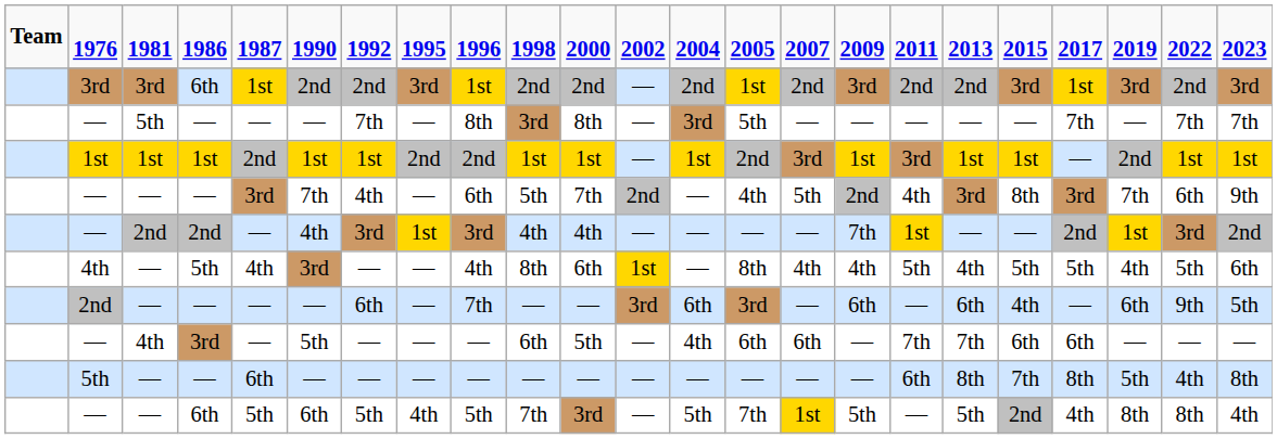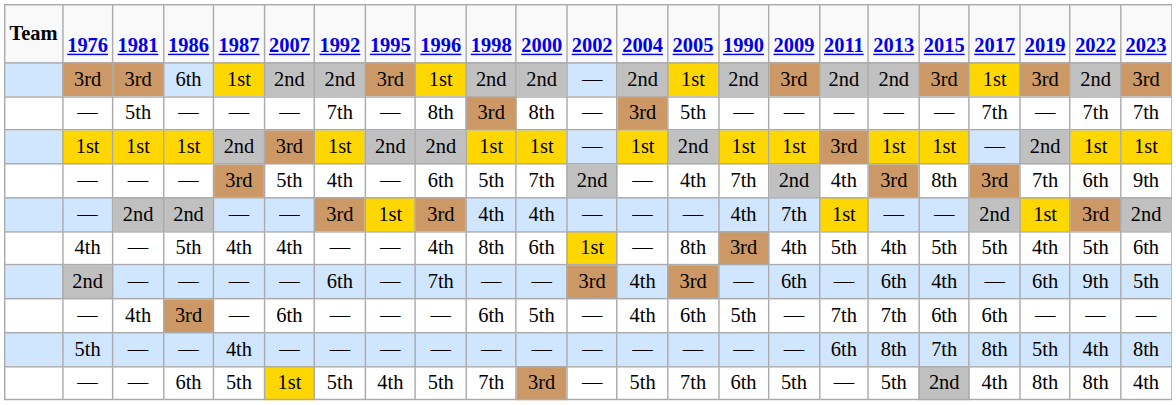 <table class="wikitable" style="text-align:center; font-size:90%">
 <tr>
 <td><strong>Team</strong></td>
 <td><strong><br><a href='#'>1976</a></strong></td>
 <td><strong><br><a href='#'>1981</a></strong></td>
 <td><strong><br><a href='#'>1986</a></strong></td>
 <td><strong><br><a href='#'>1987</a></strong></td>
-<td><strong><br><a href='#'>1990</a></strong></td>
+<td><strong><br><a href='#'>2007</a></strong></td>
 <td><strong><br><a href='#'>1992</a></strong></td>
 <td><strong><br><a href='#'>1995</a></strong></td>
 <td><strong><br><a href='#'>1996</a></strong></td>
 <td><strong><br><a href='#'>1998</a></strong></td>
 <td><strong><br><a href='#'>2000</a></strong></td>
 <td><strong><br><a href='#'>2002</a></strong></td>
 <td><strong><br><a href='#'>2004</a></strong></td>
 <td><strong><br><a href='#'>2005</a></strong></td>
-<td><strong><br><a href='#'>2007</a></strong></td>
+<td><strong><br><a href='#'>1990</a></strong></td>
 <td><strong><br><a href='#'>2009</a></strong></td>
 <td><strong><br><a href='#'>2011</a></strong></td>
 <td><strong><br><a href='#'>2013</a></strong></td>
 <td><strong><br><a href='#'>2015</a></strong></td>
 <td><strong><br><a href='#'>2017</a></strong></td>
 <td><strong><br><a href='#'>2019</a></strong></td>
 <td><strong><br><a href='#'>2022</a></strong></td>
 <td><strong><br><a href='#'>2023</a></strong></td>
 </tr>
 <tr bgcolor=#D0E6FF>
 <td align=left></td>
 <td bgcolor=#cc9966>3rd</td>
 <td bgcolor=#cc9966>3rd</td>
 <td>6th</td>
 <td bgcolor=gold>1st</td>
 <td bgcolor=silver>2nd</td>
 <td bgcolor=silver>2nd</td>
 <td bgcolor=#cc9966>3rd</td>
 <td bgcolor=gold>1st</td>
 <td bgcolor=silver>2nd</td>
 <td bgcolor=silver>2nd</td>
 <td>—</td>
 <td bgcolor=silver>2nd</td>
 <td bgcolor=gold>1st</td>
 <td bgcolor=silver>2nd</td>
 <td bgcolor=#cc9966>3rd</td>
 <td bgcolor=silver>2nd</td>
 <td bgcolor=silver>2nd</td>
 <td bgcolor=#cc9966>3rd</td>
 <td bgcolor=gold>1st</td>
 <td bgcolor=#cc9966>3rd</td>
 <td bgcolor=silver>2nd</td>
 <td bgcolor=#cc9966>3rd</td>
 </tr>
 <tr bgcolor=#FFFFFF>
 <td align=left></td>
 <td>—</td>
 <td>5th</td>
 <td>—</td>
 <td>—</td>
 <td>—</td>
 <td>7th</td>
 <td>—</td>
 <td>8th</td>
 <td bgcolor=#cc9966>3rd</td>
 <td>8th</td>
 <td>—</td>
 <td bgcolor=#cc9966>3rd</td>
 <td>5th</td>
 <td>—</td>
 <td>—</td>
 <td>—</td>
 <td>—</td>
 <td>—</td>
 <td>7th</td>
 <td>—</td>
 <td>7th</td>
 <td>7th</td>
 </tr>
 <tr bgcolor=#D0E6FF>
 <td align=left></td>
 <td bgcolor=gold>1st</td>
 <td bgcolor=gold>1st</td>
 <td bgcolor=gold>1st</td>
 <td bgcolor=silver>2nd</td>
-<td bgcolor=gold>1st</td>
+<td bgcolor=#cc9966>3rd</td>
 <td bgcolor=gold>1st</td>
 <td bgcolor=silver>2nd</td>
 <td bgcolor=silver>2nd</td>
 <td bgcolor=gold>1st</td>
 <td bgcolor=gold>1st</td>
 <td>—</td>
 <td bgcolor=gold>1st</td>
 <td bgcolor=silver>2nd</td>
-<td bgcolor=#cc9966>3rd</td>
+<td bgcolor=gold>1st</td>
 <td bgcolor=gold>1st</td>
 <td bgcolor=#cc9966>3rd</td>
 <td bgcolor=gold>1st</td>
 <td bgcolor=gold>1st</td>
 <td>—</td>
 <td bgcolor=silver>2nd</td>
 <td bgcolor=gold>1st</td>
 <td bgcolor=gold>1st</td>
 </tr>
 <tr bgcolor=#FFFFFF>
 <td align=left></td>
 <td>—</td>
 <td>—</td>
 <td>—</td>
 <td bgcolor=#cc9966>3rd</td>
-<td>7th</td>
+<td>5th</td>
 <td>4th</td>
 <td>—</td>
 <td>6th</td>
 <td>5th</td>
 <td>7th</td>
 <td bgcolor=silver>2nd</td>
 <td>—</td>
 <td>4th</td>
-<td>5th</td>
+<td>7th</td>
 <td bgcolor=silver>2nd</td>
 <td>4th</td>
 <td bgcolor=#cc9966>3rd</td>
 <td>8th</td>
 <td bgcolor=#cc9966>3rd</td>
 <td>7th</td>
 <td>6th</td>
 <td>9th</td>
 </tr>
 <tr bgcolor=#D0E6FF>
 <td align=left></td>
 <td>—</td>
 <td bgcolor=silver>2nd</td>
 <td bgcolor=silver>2nd</td>
 <td>—</td>
-<td>4th</td>
+<td>—</td>
 <td bgcolor=#cc9966>3rd</td>
 <td bgcolor=gold>1st</td>
 <td bgcolor=#cc9966>3rd</td>
 <td>4th</td>
 <td>4th</td>
 <td>—</td>
 <td>—</td>
 <td>—</td>
-<td>—</td>
+<td>4th</td>
 <td>7th</td>
 <td bgcolor=gold>1st</td>
 <td>—</td>
 <td>—</td>
 <td bgcolor=silver>2nd</td>
 <td bgcolor=gold>1st</td>
 <td bgcolor=#cc9966>3rd</td>
 <td bgcolor=silver>2nd</td>
 </tr>
 <tr bgcolor=#FFFFFF>
 <td align=left></td>
 <td>4th</td>
 <td>—</td>
 <td>5th</td>
 <td>4th</td>
-<td bgcolor=#cc9966>3rd</td>
+<td>4th</td>
 <td>—</td>
 <td>—</td>
 <td>4th</td>
 <td>8th</td>
 <td>6th</td>
 <td bgcolor=gold>1st</td>
 <td>—</td>
 <td>8th</td>
-<td>4th</td>
+<td bgcolor=#cc9966>3rd</td>
 <td>4th</td>
 <td>5th</td>
 <td>4th</td>
 <td>5th</td>
 <td>5th</td>
 <td>4th</td>
 <td>5th</td>
 <td>6th</td>
 </tr>
 <tr bgcolor=#D0E6FF>
 <td align=left></td>
 <td bgcolor=silver>2nd</td>
 <td>—</td>
 <td>—</td>
 <td>—</td>
 <td>—</td>
 <td>6th</td>
 <td>—</td>
 <td>7th</td>
 <td>—</td>
 <td>—</td>
 <td bgcolor=#cc9966>3rd</td>
-<td>6th</td>
+<td>4th</td>
 <td bgcolor=#cc9966>3rd</td>
 <td>—</td>
 <td>6th</td>
 <td>—</td>
 <td>6th</td>
 <td>4th</td>
 <td>—</td>
 <td>6th</td>
 <td>9th</td>
 <td>5th</td>
 </tr>
 <tr bgcolor=#FFFFFF>
 <td align=left></td>
 <td>—</td>
 <td>4th</td>
 <td bgcolor=#cc9966>3rd</td>
 <td>—</td>
-<td>5th</td>
+<td>6th</td>
 <td>—</td>
 <td>—</td>
 <td>—</td>
 <td>6th</td>
 <td>5th</td>
 <td>—</td>
 <td>4th</td>
 <td>6th</td>
-<td>6th</td>
+<td>5th</td>
 <td>—</td>
 <td>7th</td>
 <td>7th</td>
 <td>6th</td>
 <td>6th</td>
 <td>—</td>
 <td>—</td>
 <td>—</td>
 </tr>
 <tr bgcolor=#D0E6FF>
 <td align=left></td>
 <td>5th</td>
 <td>—</td>
 <td>—</td>
-<td>6th</td>
+<td>4th</td>
 <td>—</td>
 <td>—</td>
 <td>—</td>
 <td>—</td>
 <td>—</td>
 <td>—</td>
 <td>—</td>
 <td>—</td>
 <td>—</td>
 <td>—</td>
 <td>—</td>
 <td>6th</td>
 <td>8th</td>
 <td>7th</td>
 <td>8th</td>
 <td>5th</td>
 <td>4th</td>
 <td>8th</td>
 </tr>
 <tr bgcolor=#FFFFFF>
 <td align=left></td>
 <td>—</td>
 <td>—</td>
 <td>6th</td>
 <td>5th</td>
-<td>6th</td>
+<td bgcolor=gold>1st</td>
 <td>5th</td>
 <td>4th</td>
 <td>5th</td>
 <td>7th</td>
 <td bgcolor=#cc9966>3rd</td>
 <td>—</td>
 <td>5th</td>
 <td>7th</td>
-<td bgcolor=gold>1st</td>
+<td>6th</td>
 <td>5th</td>
 <td>—</td>
 <td>5th</td>
 <td bgcolor=silver>2nd</td>
 <td>4th</td>
 <td>8th</td>
 <td>8th</td>
 <td>4th</td>
 </tr>
 </table>
